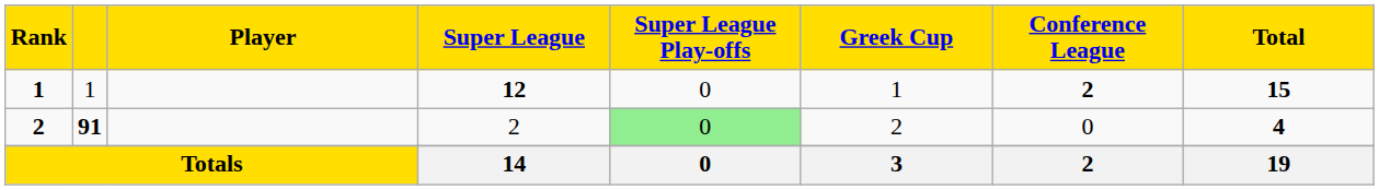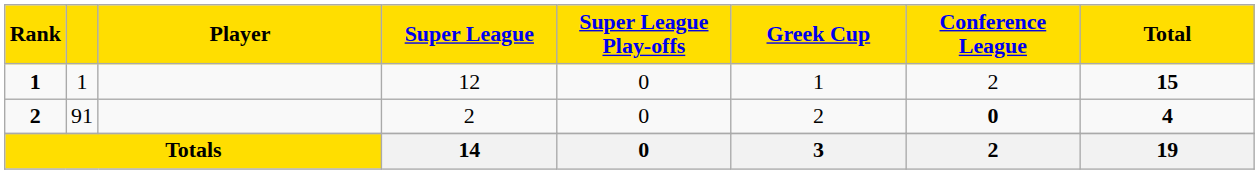 <table class="wikitable sortable" style="text-align:center">
 <tr>
 <th style="background:#FFDE00">Rank</th>
 <th style="background:#FFDE00"></th>
 <th width=200 style="background:#FFDE00">Player</th>
 <th width=120 style="background:#FFDE00"><a href='#'>Super League</a></th>
 <th width=120 style="background:#FFDE00"><a href='#'>Super League Play-offs</a></th>
 <th width=120 style="background:#FFDE00"><a href='#'>Greek Cup</a></th>
 <th width=120 style="background:#FFDE00"><a href='#'>Conference League</a></th>
 <th width=120 style="background:#FFDE00">Total</th>
 </tr>
 <tr>
 <td><strong>1</strong></td>
 <td>1</td>
 <td align=left></td>
-<td><strong>12</strong></td>
+<td>12</td>
 <td>0</td>
 <td>1</td>
-<td><strong>2</strong></td>
+<td>2</td>
 <td><strong>15</strong></td>
 </tr>
 <tr>
 <td><strong>2</strong></td>
-<td><strong>91</strong></td>
+<td>91</td>
 <td align=left></td>
 <td>2</td>
-<td style="background: lightgreen;">0</td>
+<td>0</td>
 <td>2</td>
-<td>0</td>
+<td><strong>0</strong></td>
 <td><strong>4</strong></td>
 </tr>
 <tr>
 </tr>
 <tr class="sortbottom">
 <th colspan=3 style="background:#FFDE00"><strong>Totals</strong></th>
 <th><strong>14</strong></th>
 <th><strong> 0</strong></th>
 <th><strong> 3</strong></th>
 <th><strong> 2</strong></th>
 <th><strong>19</strong></th>
 </tr>
 </table>
